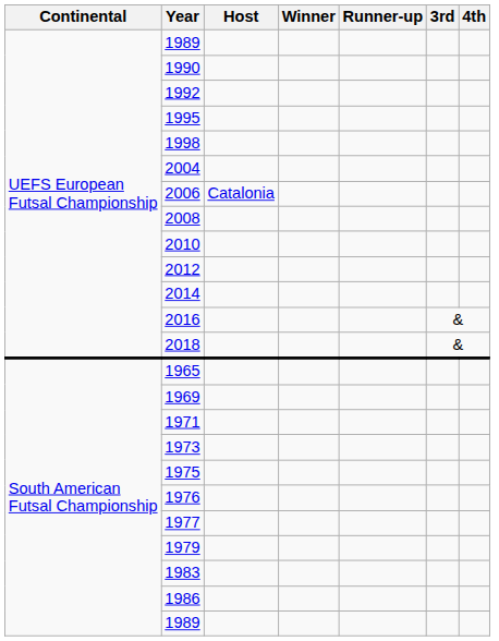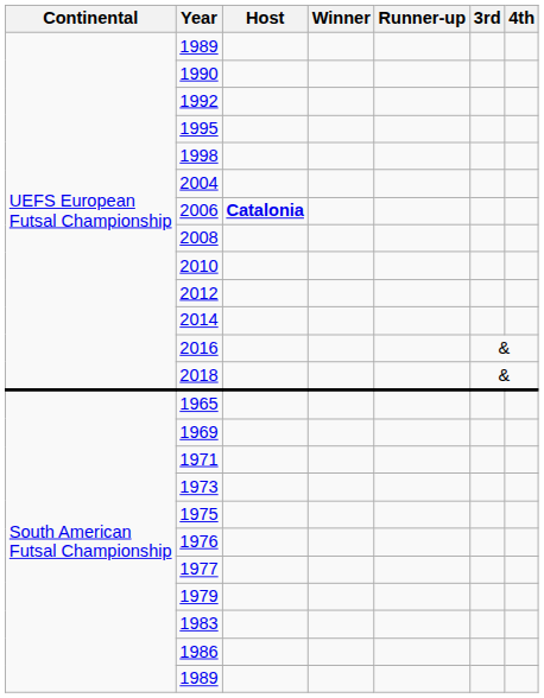 <table class="wikitable">
 <tr>
 <th>Continental</th>
 <th>Year</th>
 <th>Host</th>
 <th>Winner </th>
 <th>Runner-up </th>
 <th>3rd </th>
 <th>4th</th>
 </tr>
 <tr>
 <td rowspan=13><a href='#'>UEFS European<br>Futsal Championship</a></td>
 <td><a href='#'>1989</a></td>
 <td></td>
 <td></td>
 <td></td>
 <td></td>
 <td></td>
 </tr>
 <tr>
 <td><a href='#'>1990</a></td>
 <td></td>
 <td></td>
 <td></td>
 <td></td>
 <td></td>
 </tr>
 <tr>
 <td><a href='#'>1992</a></td>
 <td></td>
 <td></td>
 <td></td>
 <td></td>
 <td></td>
 </tr>
 <tr>
 <td><a href='#'>1995</a></td>
 <td></td>
 <td></td>
 <td></td>
 <td></td>
 <td></td>
 </tr>
 <tr>
 <td><a href='#'>1998</a></td>
 <td></td>
 <td></td>
 <td></td>
 <td></td>
 <td></td>
 </tr>
 <tr>
 <td><a href='#'>2004</a></td>
 <td></td>
 <td></td>
 <td></td>
 <td></td>
 <td></td>
 </tr>
 <tr>
 <td><a href='#'>2006</a></td>
-<td><a href='#'>Catalonia</a></td>
+<td><strong><a href='#'>Catalonia</a></strong></td>
 <td></td>
 <td></td>
 <td></td>
 <td></td>
 </tr>
 <tr>
 <td><a href='#'>2008</a></td>
 <td></td>
 <td></td>
 <td></td>
 <td></td>
 <td></td>
 </tr>
 <tr>
 <td><a href='#'>2010</a></td>
 <td></td>
 <td></td>
 <td></td>
 <td></td>
 <td></td>
 </tr>
 <tr>
 <td><a href='#'>2012</a></td>
 <td></td>
 <td></td>
 <td></td>
 <td></td>
 <td></td>
 </tr>
 <tr>
 <td><a href='#'>2014</a></td>
 <td></td>
 <td></td>
 <td></td>
 <td></td>
 <td></td>
 </tr>
 <tr>
 <td><a href='#'>2016</a></td>
 <td></td>
 <td></td>
 <td></td>
 <td colspan="2" style="text-align:center;"> & </td>
 </tr>
 <tr>
 <td><a href='#'>2018</a></td>
 <td></td>
 <td></td>
 <td></td>
 <td colspan="2" style="text-align:center;"> & </td>
 </tr>
 <tr style="border-top:3px solid black;">
 <td rowspan=12><a href='#'>South American<br>Futsal Championship</a></td>
 <td><a href='#'>1965</a></td>
 <td></td>
 <td></td>
 <td></td>
 <td></td>
 <td></td>
 </tr>
 <tr>
 <td><a href='#'>1969</a></td>
 <td></td>
 <td></td>
 <td></td>
 <td></td>
 <td></td>
 </tr>
 <tr>
 <td><a href='#'>1971</a></td>
 <td></td>
 <td></td>
 <td></td>
 <td></td>
 <td></td>
 </tr>
 <tr>
 <td><a href='#'>1973</a></td>
 <td></td>
 <td></td>
 <td></td>
 <td></td>
 <td></td>
 </tr>
 <tr>
 <td><a href='#'>1975</a></td>
 <td></td>
 <td></td>
 <td></td>
 <td></td>
 <td></td>
 </tr>
 <tr>
 <td><a href='#'>1976</a></td>
 <td></td>
 <td></td>
 <td></td>
 <td></td>
 <td></td>
 </tr>
 <tr>
 <td><a href='#'>1977</a></td>
 <td></td>
 <td></td>
 <td></td>
 <td></td>
 <td></td>
 </tr>
 <tr>
 <td><a href='#'>1979</a></td>
 <td></td>
 <td></td>
 <td></td>
 <td></td>
 <td></td>
 </tr>
 <tr>
 <td><a href='#'>1983</a></td>
 <td></td>
 <td></td>
 <td></td>
 <td></td>
 <td></td>
 </tr>
 <tr>
 <td><a href='#'>1986</a></td>
 <td></td>
 <td></td>
 <td></td>
 <td></td>
 <td></td>
 </tr>
 <tr>
 <td><a href='#'>1989</a></td>
 <td></td>
 <td></td>
 <td></td>
 <td></td>
 <td></td>
 </tr>
 </table>
